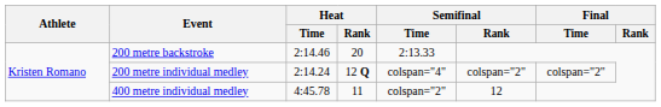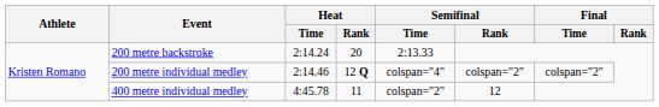 <table class="wikitable" style="text-align:center; font-size:90%; width:50%;">
 <tr>
 <th rowspan="2">Athlete</th>
 <th rowspan="2">Event</th>
 <th colspan="2">Heat</th>
 <th colspan="2">Semifinal</th>
 <th colspan="2">Final</th>
 </tr>
 <tr style="font-size:95%">
 <th>Time</th>
 <th>Rank</th>
 <th>Time</th>
 <th>Rank</th>
 <th>Time</th>
 <th>Rank</th>
 </tr>
 <tr>
 <td align=left rowspan=3><a href='#'>Kristen Romano</a></td>
 <td align=left><a href='#'>200 metre backstroke</a></td>
-<td>2:14.46</td>
+<td>2:14.24</td>
 <td>20</td>
 <td>2:13.33</td>
 </tr>
 <tr>
 <td align=left><a href='#'>200 metre individual medley</a></td>
-<td>2:14.24</td>
+<td>2:14.46</td>
 <td>12 <strong>Q</strong></td>
 <td>colspan="4"  </td>
 <td>colspan="2" </td>
 <td>colspan="2" </td>
 </tr>
 <tr>
 <td align=left><a href='#'>400 metre individual medley</a></td>
 <td>4:45.78</td>
 <td>11</td>
 <td>colspan="2" </td>
 <td>12</td>
 </tr>
 </table>
